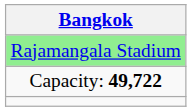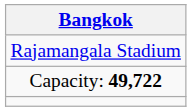 <table class="wikitable" style="text-align:center;margin: auto">
 <tr>
 <th><a href='#'>Bangkok</a></th>
 </tr>
 <tr>
-<td style="background: lightgreen;"><a href='#'>Rajamangala Stadium</a></td>
+<td><a href='#'>Rajamangala Stadium</a></td>
 </tr>
 <tr>
 <td>Capacity: <strong>49,722</strong></td>
 </tr>
 <tr>
 <td></td>
 </tr>
 </table>
